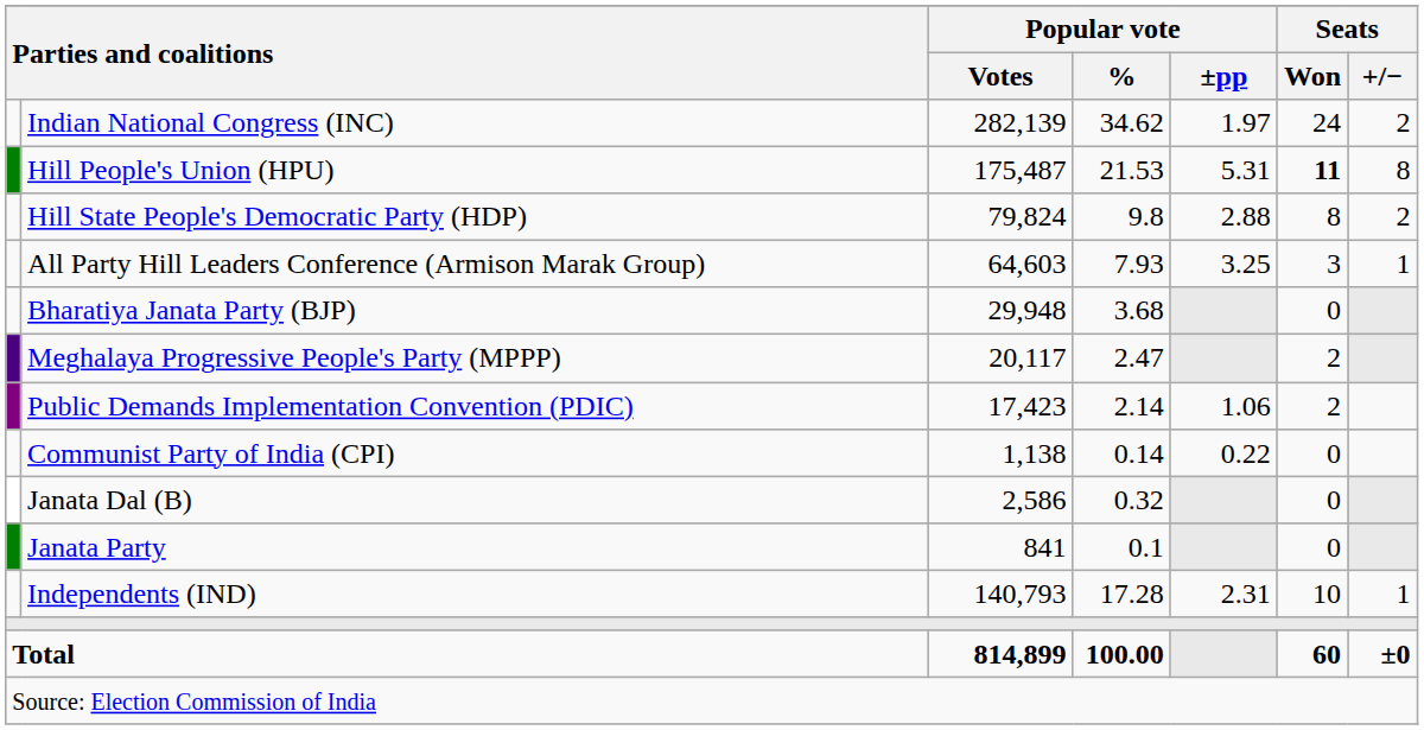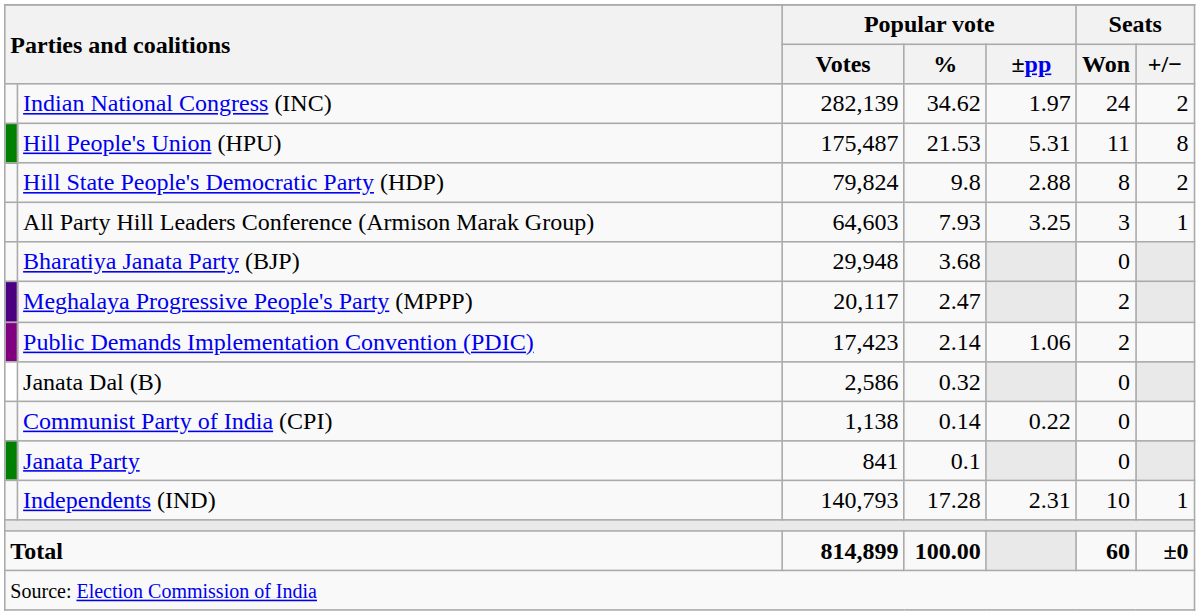 <table class="wikitable" style="text-align:right; font-size:95%;">
 <tr>
 </tr>
 <tr>
 <th style="text-align:left;" rowspan="2" colspan="2" width="485">Parties and coalitions</th>
 <th colspan="3">Popular vote</th>
 <th colspan="2">Seats</th>
 </tr>
 <tr>
 <th width="70">Votes</th>
 <th width="45">%</th>
 <th width="50">±<a href='#'>pp</a></th>
 <th width="30">Won</th>
 <th width="30">+/−</th>
 </tr>
 <tr>
 <td width="1" style="color:inherit;background:"></td>
 <td align="left"><a href='#'>Indian National Congress</a> (INC)</td>
 <td>282,139</td>
 <td>34.62</td>
 <td>1.97 </td>
 <td>24</td>
 <td>2 </td>
 </tr>
 <tr>
 <td width="1" bgcolor="green"></td>
 <td align="left"><a href='#'>Hill People's Union</a> (HPU)</td>
 <td>175,487</td>
 <td>21.53</td>
 <td>5.31 </td>
-<td><strong>11</strong></td>
+<td>11</td>
 <td>8 </td>
 </tr>
 <tr>
 <td width="1"></td>
 <td align="left"><a href='#'>Hill State People's Democratic Party</a> (HDP)</td>
 <td>79,824</td>
 <td>9.8</td>
 <td>2.88 </td>
 <td>8</td>
 <td>2 </td>
 </tr>
 <tr>
 <td width="1"></td>
 <td align="left">All Party Hill Leaders Conference (Armison Marak Group)</td>
 <td>64,603</td>
 <td>7.93</td>
 <td>3.25 </td>
 <td>3</td>
 <td>1 </td>
 </tr>
 <tr>
 <td width="1"></td>
 <td align="left"><a href='#'>Bharatiya Janata Party</a> (BJP)</td>
 <td>29,948</td>
 <td>3.68</td>
 <td style="color:inherit;background:#E9E9E9"></td>
 <td>0</td>
 <td style="color:inherit;background:#E9E9E9"></td>
 </tr>
 <tr>
 <td width="1" bgcolor="indigo"></td>
 <td align="left"><a href='#'>Meghalaya Progressive People's Party</a> (MPPP)</td>
 <td>20,117</td>
 <td>2.47</td>
 <td style="color:inherit;background:#E9E9E9"></td>
 <td>2</td>
 <td style="color:inherit;background:#E9E9E9"></td>
 </tr>
 <tr>
 <td width="1" bgcolor="purple"></td>
 <td align="left"><a href='#'>Public Demands Implementation Convention (PDIC)</a></td>
 <td>17,423</td>
 <td>2.14</td>
 <td>1.06 </td>
 <td>2</td>
 <td></td>
 </tr>
 <tr>
+<td width="1" bgcolor="white"></td>
+<td align="left">Janata Dal (B)</td>
+<td>2,586</td>
+<td>0.32</td>
+<td style="color:inherit;background:#E9E9E9"></td>
+<td>0</td>
+<td style="color:inherit;background:#E9E9E9"></td>
+</tr>
+<tr>
 <td></td>
 <td align="left"><a href='#'>Communist Party of India</a> (CPI)</td>
 <td>1,138</td>
 <td>0.14</td>
 <td>0.22 </td>
 <td>0</td>
 <td></td>
-</tr>
-<tr>
-<td width="1" bgcolor="white"></td>
-<td align="left">Janata Dal (B)</td>
-<td>2,586</td>
-<td>0.32</td>
-<td style="color:inherit;background:#E9E9E9"></td>
-<td>0</td>
-<td style="color:inherit;background:#E9E9E9"></td>
 </tr>
 <tr>
 <td width="1" bgcolor="green"></td>
 <td align="left"><a href='#'>Janata Party</a></td>
 <td>841</td>
 <td>0.1</td>
 <td style="color:inherit;background:#E9E9E9"></td>
 <td>0</td>
 <td style="color:inherit;background:#E9E9E9"></td>
 </tr>
 <tr>
 <td></td>
 <td align="left"><a href='#'>Independents</a> (IND)</td>
 <td>140,793</td>
 <td>17.28</td>
 <td>2.31 </td>
 <td>10</td>
 <td>1 </td>
 </tr>
 <tr>
 <td colspan="7" bgcolor="#E9E9E9"></td>
 </tr>
 <tr style="font-weight:bold;">
 <td align="left" colspan="2">Total</td>
 <td>814,899</td>
 <td>100.00</td>
 <td bgcolor="#E9E9E9"></td>
 <td>60</td>
 <td>±0</td>
 </tr>
 <tr>
 <td style="text-align:left;" colspan="7"><small>Source: <a href='#'>Election Commission of India</a></small></td>
 </tr>
 </table>
